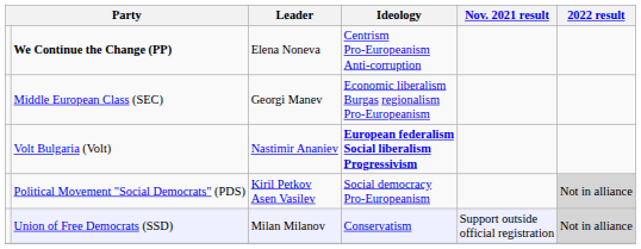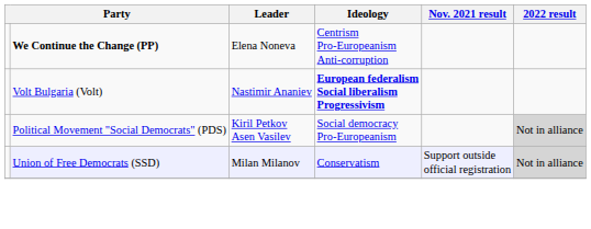 <table class="wikitable" style="font-size:95%; white-space: nowrap">
 <tr>
 <th style="width:200px" colspan="2">Party</th>
 <th style="width:100px">Leader</th>
 <th style="width:120px">Ideology</th>
 <th><a href='#'>Nov. 2021 result</a></th>
 <th><a href='#'>2022 result</a></th>
 </tr>
 <tr>
 <td style="background:"></td>
 <td><strong>We Continue the Change (PP)</strong></td>
 <td>Elena Noneva</td>
 <td><a href='#'>Centrism</a><br><a href='#'>Pro-Europeanism</a><br><a href='#'>Anti-corruption</a></td>
-<td></td>
-<td></td>
-</tr>
-<tr>
-<td style="background:"></td>
-<td><a href='#'>Middle European Class</a> (SEC)</td>
-<td>Georgi Manev</td>
-<td><a href='#'>Economic liberalism</a><br><a href='#'>Burgas</a> <a href='#'>regionalism</a><br><a href='#'>Pro-Europeanism</a></td>
 <td></td>
 <td></td>
 </tr>
 <tr>
 <td style="background:"></td>
 <td><a href='#'>Volt Bulgaria</a> (Volt)</td>
 <td><a href='#'>Nastimir Ananiev</a></td>
 <td><strong><a href='#'>European federalism</a><br><a href='#'>Social liberalism</a><br><a href='#'>Progressivism</a></strong></td>
 <td></td>
 <td></td>
 </tr>
 <tr>
 <td style="background:"></td>
 <td><a href='#'>Political Movement "Social Democrats"</a> (PDS)</td>
 <td><a href='#'>Kiril Petkov</a><br><a href='#'>Asen Vasilev</a></td>
 <td><a href='#'>Social democracy</a><br><a href='#'>Pro-Europeanism</a></td>
 <td></td>
 <td style="background:#D5D5D5;">Not in alliance</td>
 </tr>
 <tr>
 <td style="background:"></td>
 <td style="background:#EEEFFF;"><a href='#'>Union of Free Democrats</a> (SSD)</td>
 <td style="background:#EEEFFF;">Milan Milanov</td>
 <td style="background:#EEEFFF;"><a href='#'>Conservatism</a></td>
 <td style="background:#EEEFFF;">Support outside <br>official registration</td>
 <td style="background:#D5D5D5;">Not in alliance</td>
 </tr>
 <tr>
 </tr>
 </table>
